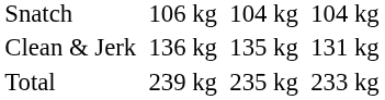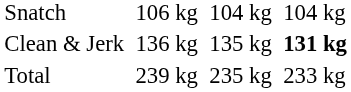 <table>
 <tr>
 <td>Snatch</td>
 <td></td>
 <td>106 kg</td>
 <td></td>
 <td>104 kg</td>
 <td></td>
 <td>104 kg</td>
 </tr>
 <tr>
 <td>Clean & Jerk</td>
 <td></td>
 <td>136 kg</td>
 <td></td>
 <td>135 kg</td>
 <td></td>
-<td>131 kg</td>
+<td><strong>131 kg</strong></td>
 </tr>
 <tr>
 <td>Total</td>
 <td></td>
 <td>239 kg</td>
 <td></td>
 <td>235 kg</td>
 <td></td>
 <td>233 kg</td>
 </tr>
 </table>
